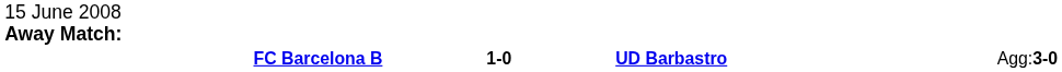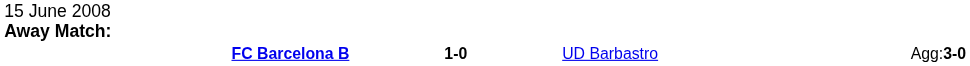 <table width=100% cellspacing=1>
 <tr>
 <th width=20%></th>
 <th width=12%></th>
 <th width=20%></th>
 <th></th>
 </tr>
 <tr>
 <td>15 June 2008<br><strong>Away Match:</strong></td>
 </tr>
 <tr style=font-size:90%>
 <td align=right><strong><a href='#'>FC Barcelona B</a></strong></td>
 <td align=center><strong>1-0</strong></td>
-<td><strong><a href='#'>UD Barbastro</a></strong></td>
+<td><a href='#'>UD Barbastro</a></td>
 <td>Agg:<strong>3-0</strong></td>
 </tr>
 </table>
